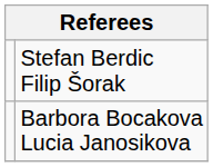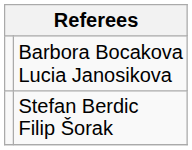 <table class="wikitable" style="display: inline-table;">
 <tr>
 <th colspan="2">Referees</th>
 </tr>
 <tr>
 <td></td>
-<td>Stefan Berdic<br>Filip Šorak</td>
+<td>Barbora Bocakova<br>Lucia Janosikova</td>
 </tr>
 <tr>
 <td></td>
-<td>Barbora Bocakova<br>Lucia Janosikova</td>
+<td>Stefan Berdic<br>Filip Šorak</td>
 </tr>
 <tr>
 </tr>
 </table>
